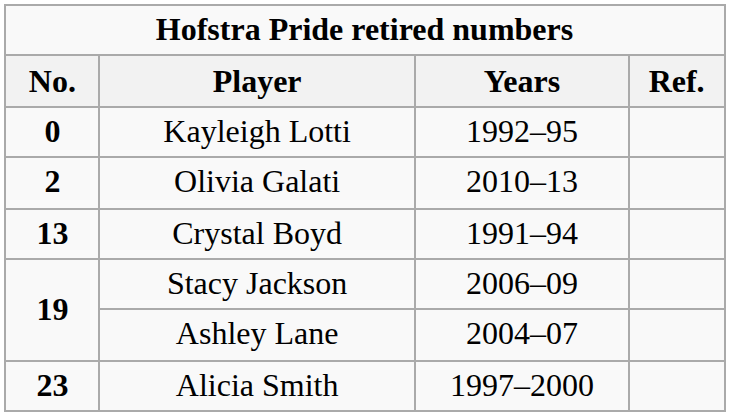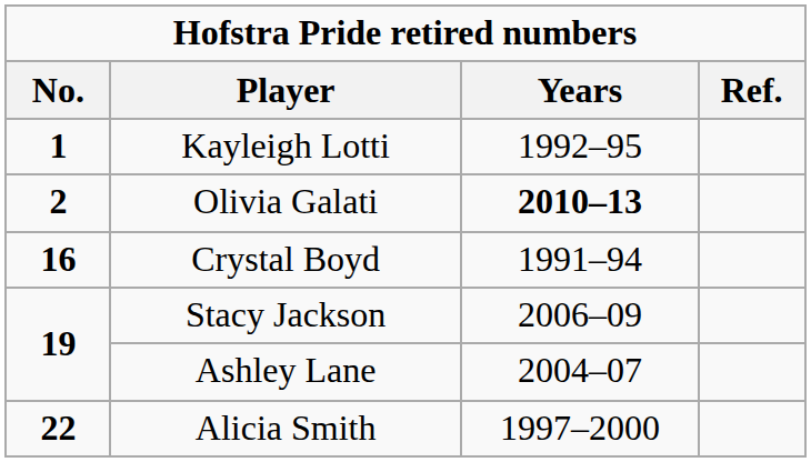 <table class="wikitable sortable" style="text-align:center">
 <tr>
 <td colspan="5"><strong>Hofstra Pride retired numbers</strong></td>
 </tr>
 <tr>
 <th width=40px>No.</th>
 <th width=150px>Player</th>
 <th width=100px>Years</th>
 <th width=40px>Ref.</th>
 </tr>
 <tr>
-<td><strong>0</strong></td>
+<td><strong>1</strong></td>
 <td>Kayleigh Lotti</td>
 <td>1992–95</td>
 <td></td>
 </tr>
 <tr>
 <td><strong>2</strong></td>
 <td>Olivia Galati</td>
-<td>2010–13</td>
+<td><strong>2010–13</strong></td>
 <td></td>
 </tr>
 <tr>
-<td><strong>13</strong></td>
+<td><strong>16</strong></td>
 <td>Crystal Boyd</td>
 <td>1991–94</td>
 <td></td>
 </tr>
 <tr>
 <td rowspan=2><strong>19</strong></td>
 <td>Stacy Jackson</td>
 <td>2006–09</td>
 <td></td>
 </tr>
 <tr>
 <td>Ashley Lane</td>
 <td>2004–07</td>
 <td></td>
 </tr>
 <tr>
-<td><strong>23</strong></td>
+<td><strong>22</strong></td>
 <td>Alicia Smith</td>
 <td>1997–2000</td>
 <td></td>
 </tr>
 </table>
